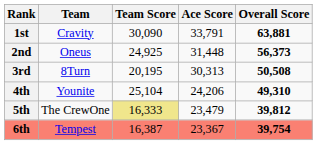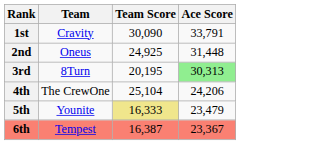 <table class="wikitable plainrowheaders sortable" style="text-align:center">
 <tr>
 <th>Rank</th>
 <th>Team</th>
 <th>Team Score<br></th>
 <th>Ace Score<br></th>
-<th>Overall Score<br></th>
 </tr>
 <tr>
 <th>1st</th>
 <td><a href='#'>Cravity</a></td>
 <td>30,090</td>
 <td>33,791</td>
-<td><strong>63,881</strong></td>
 </tr>
 <tr>
 <th>2nd</th>
 <td><a href='#'>Oneus</a></td>
 <td>24,925</td>
 <td>31,448</td>
-<td><strong>56,373</strong></td>
 </tr>
 <tr>
 <th>3rd</th>
 <td><a href='#'>8Turn</a></td>
 <td>20,195</td>
-<td>30,313</td>
-<td><strong>50,508</strong></td>
+<td style="background: lightgreen;">30,313</td>
 </tr>
 <tr>
 <th>4th</th>
-<td><a href='#'>Younite</a></td>
+<td>The CrewOne</td>
 <td>25,104</td>
 <td>24,206</td>
-<td><strong>49,310</strong></td>
 </tr>
 <tr>
 <th>5th</th>
-<td>The CrewOne</td>
+<td><a href='#'>Younite</a></td>
 <td style="background: khaki;">16,333</td>
 <td>23,479</td>
-<td><strong>39,812</strong></td>
 </tr>
 <tr>
 <th style="background:#FA8072">6th</th>
 <td style="background:#FA8072"><a href='#'>Tempest</a></td>
 <td style="background:#FA8072">16,387</td>
 <td style="background:#FA8072">23,367</td>
-<td style="background:#FA8072"><strong>39,754</strong></td>
 </tr>
 </table>
